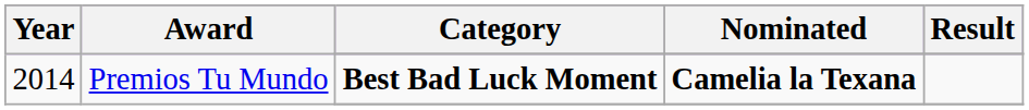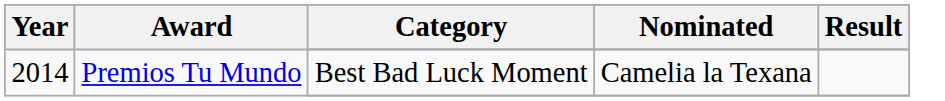 <table class="wikitable plainrowheaders" style="text-align:center;">
 <tr style="background:#96c;">
 <th scope="col">Year</th>
 <th scope="col">Award</th>
 <th scope="col">Category</th>
 <th scope="col">Nominated</th>
 <th scope="col">Result</th>
 </tr>
 <tr>
 <td scope="row" rowspan="10">2014</td>
 <td rowspan="8"><a href='#'>Premios Tu Mundo</a></td>
 </tr>
 <tr>
-<td scope="row"><strong>Best Bad Luck Moment</strong></td>
-<td><strong>Camelia la Texana</strong></td>
+<td scope="row">Best Bad Luck Moment</td>
+<td>Camelia la Texana</td>
 <td></td>
 </tr>
 <tr>
 </tr>
 </table>
